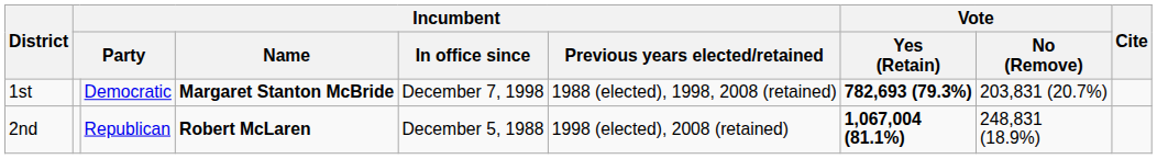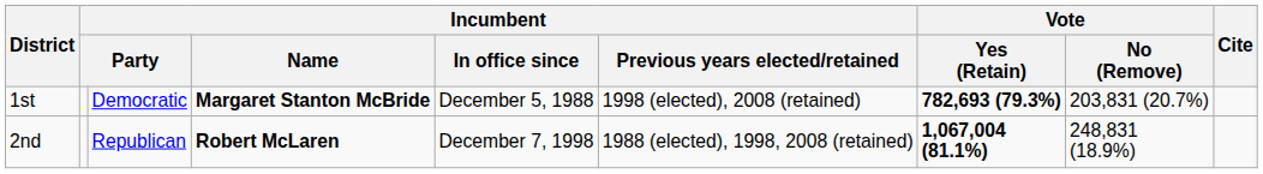 <table class="wikitable">
 <tr>
 <th rowspan =2>District</th>
 <th colspan=5>Incumbent</th>
 <th colspan="2">Vote</th>
 <th rowspan =2>Cite</th>
 </tr>
 <tr>
 <th colspan="2">Party</th>
 <th>Name</th>
 <th>In office since</th>
 <th>Previous years elected/retained</th>
 <th>Yes<br>(Retain)</th>
 <th>No<br>(Remove)</th>
 </tr>
 <tr>
 <td>1st</td>
 <td style="background-color:"></td>
 <td><a href='#'>Democratic</a></td>
 <td><strong>Margaret Stanton McBride</strong></td>
-<td>December 7, 1998</td>
-<td>1988 (elected), 1998, 2008 (retained)</td>
+<td>December 5, 1988</td>
+<td>1998 (elected), 2008 (retained)</td>
 <td><strong>782,693 (79.3%)</strong></td>
 <td>203,831 (20.7%)</td>
 <td></td>
 </tr>
 <tr>
 <td>2nd</td>
 <td style="background-color:"></td>
 <td><a href='#'>Republican</a></td>
 <td><strong>Robert McLaren</strong></td>
-<td>December 5, 1988</td>
-<td>1998 (elected), 2008 (retained)</td>
+<td>December 7, 1998</td>
+<td>1988 (elected), 1998, 2008 (retained)</td>
 <td><strong>1,067,004<br>(81.1%)</strong></td>
 <td>248,831<br>(18.9%)</td>
 <td></td>
 </tr>
 </table>
